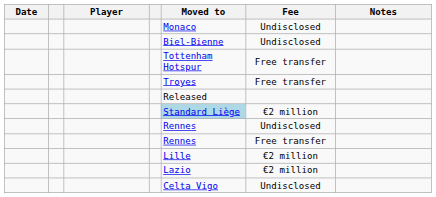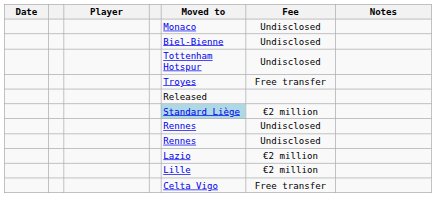 <table class="wikitable sortable">
 <tr>
 <th style="width:80px;">Date</th>
 <th style="width:30px;"></th>
 <th style="width:180px;">Player</th>
 <th style="width:20px;"></th>
 <th style="width:155px;">Moved to</th>
 <th style="width:155px;" class="unsortable">Fee</th>
 <th style="width:215px;" class="unsortable">Notes</th>
 </tr>
 <tr>
 <td></td>
 <td align=center></td>
 <td> </td>
 <td></td>
 <td> <a href='#'>Monaco</a></td>
 <td align=center>Undisclosed</td>
 <td align=center></td>
 </tr>
 <tr>
 <td></td>
 <td align=center></td>
 <td> </td>
 <td></td>
 <td> <a href='#'>Biel-Bienne</a></td>
 <td align=center>Undisclosed</td>
 <td align=center></td>
 </tr>
 <tr>
 <td></td>
 <td align=center></td>
 <td> </td>
 <td></td>
 <td> <a href='#'>Tottenham Hotspur</a></td>
-<td align=center>Free transfer</td>
+<td align=center>Undisclosed</td>
 <td align=center></td>
 </tr>
 <tr>
 <td></td>
 <td align=center></td>
 <td> </td>
 <td></td>
 <td> <a href='#'>Troyes</a></td>
 <td align=center>Free transfer</td>
 <td align=center></td>
 </tr>
 <tr>
 <td></td>
 <td align=center></td>
 <td> </td>
 <td></td>
 <td>Released</td>
 <td align=center></td>
 <td align=center></td>
 </tr>
 <tr>
 <td></td>
 <td align=center></td>
 <td> </td>
 <td></td>
 <td style="background: lightblue;"> <a href='#'>Standard Liège</a></td>
 <td align=center>€2 million</td>
 <td align=center></td>
 </tr>
 <tr>
 <td></td>
 <td align=center></td>
 <td> </td>
 <td></td>
 <td> <a href='#'>Rennes</a></td>
 <td align=center>Undisclosed</td>
 <td align=center></td>
 </tr>
 <tr>
 <td></td>
 <td align=center></td>
 <td> </td>
 <td></td>
 <td> <a href='#'>Rennes</a></td>
-<td align=center>Free transfer</td>
+<td align=center>Undisclosed</td>
+<td align=center></td>
+</tr>
+<tr>
+<td></td>
+<td align=center></td>
+<td> </td>
+<td></td>
+<td> <a href='#'>Lazio</a></td>
+<td align=center>€2 million</td>
 <td align=center></td>
 </tr>
 <tr>
 <td></td>
 <td align=center></td>
 <td> </td>
 <td></td>
 <td> <a href='#'>Lille</a></td>
 <td align=center>€2 million</td>
 <td align=center></td>
 </tr>
 <tr>
 <td></td>
 <td align=center></td>
 <td> </td>
 <td></td>
-<td> <a href='#'>Lazio</a></td>
-<td align=center>€2 million</td>
-<td align=center></td>
-</tr>
-<tr>
-<td></td>
-<td align=center></td>
-<td> </td>
-<td></td>
 <td> <a href='#'>Celta Vigo</a></td>
-<td align=center>Undisclosed</td>
+<td align=center>Free transfer</td>
 <td align=center></td>
 </tr>
 </table>
